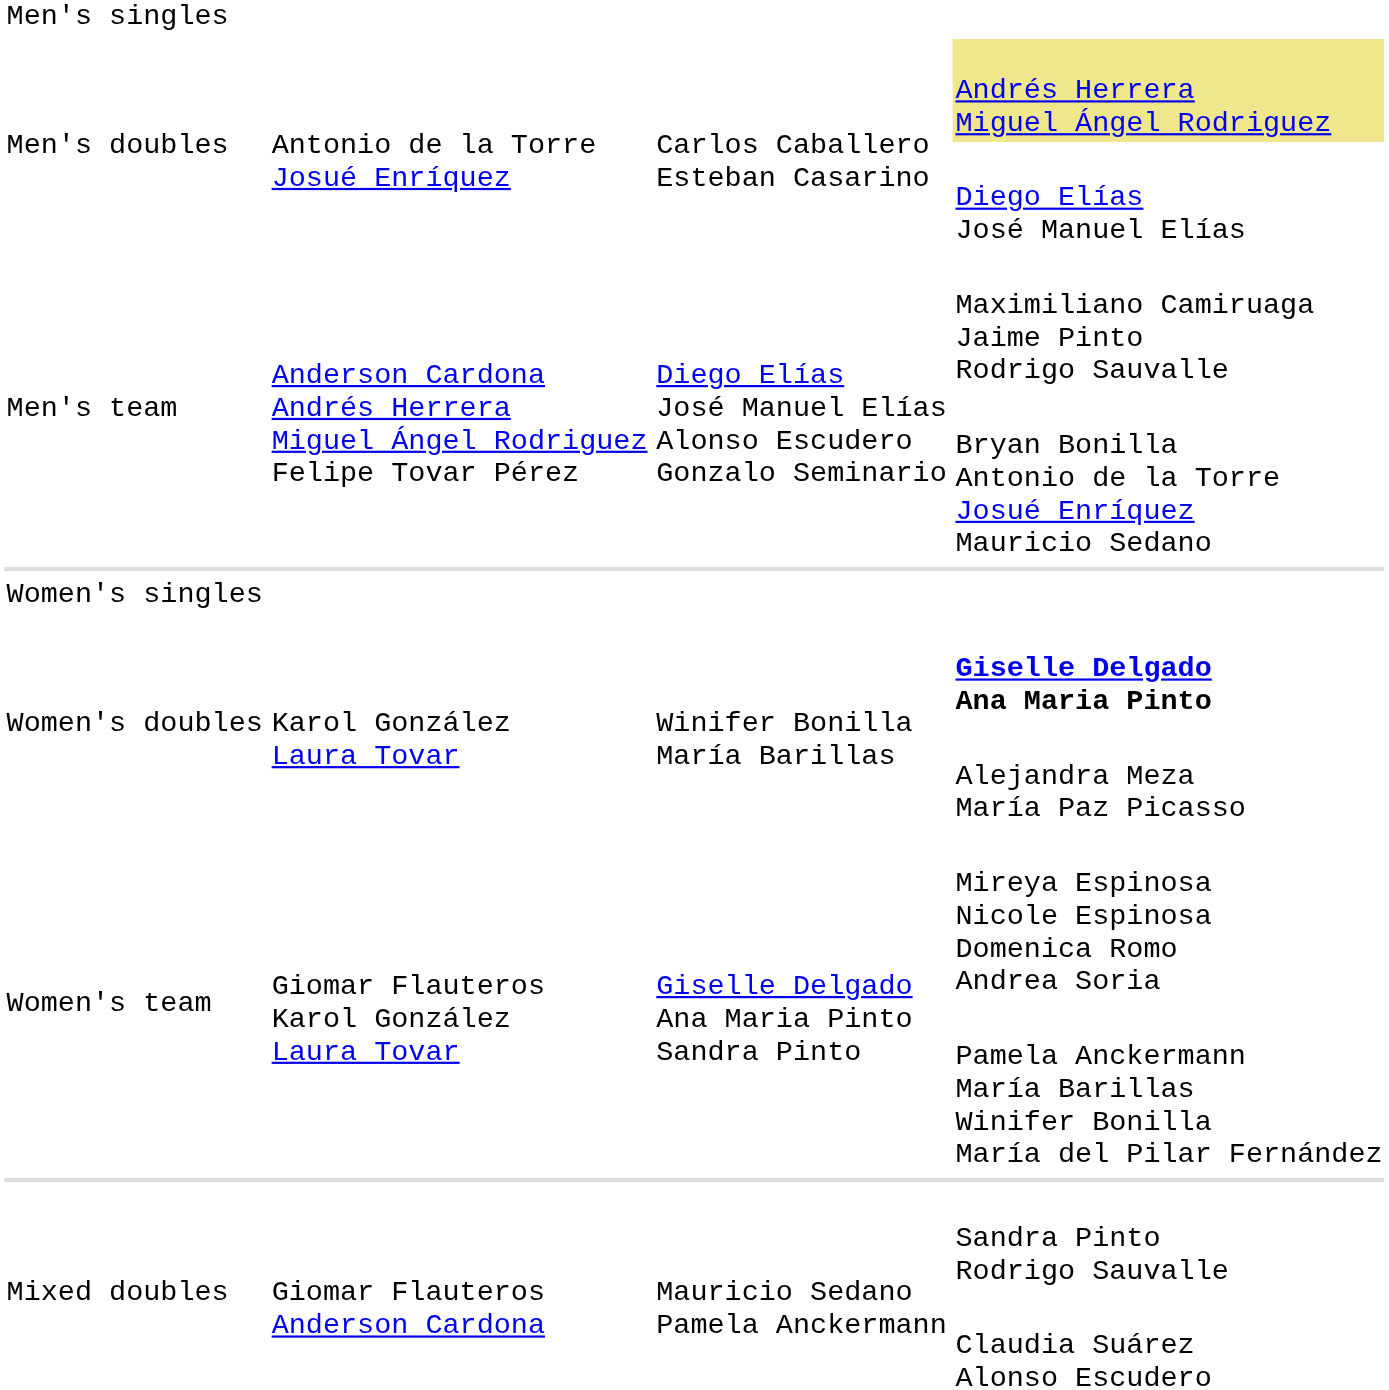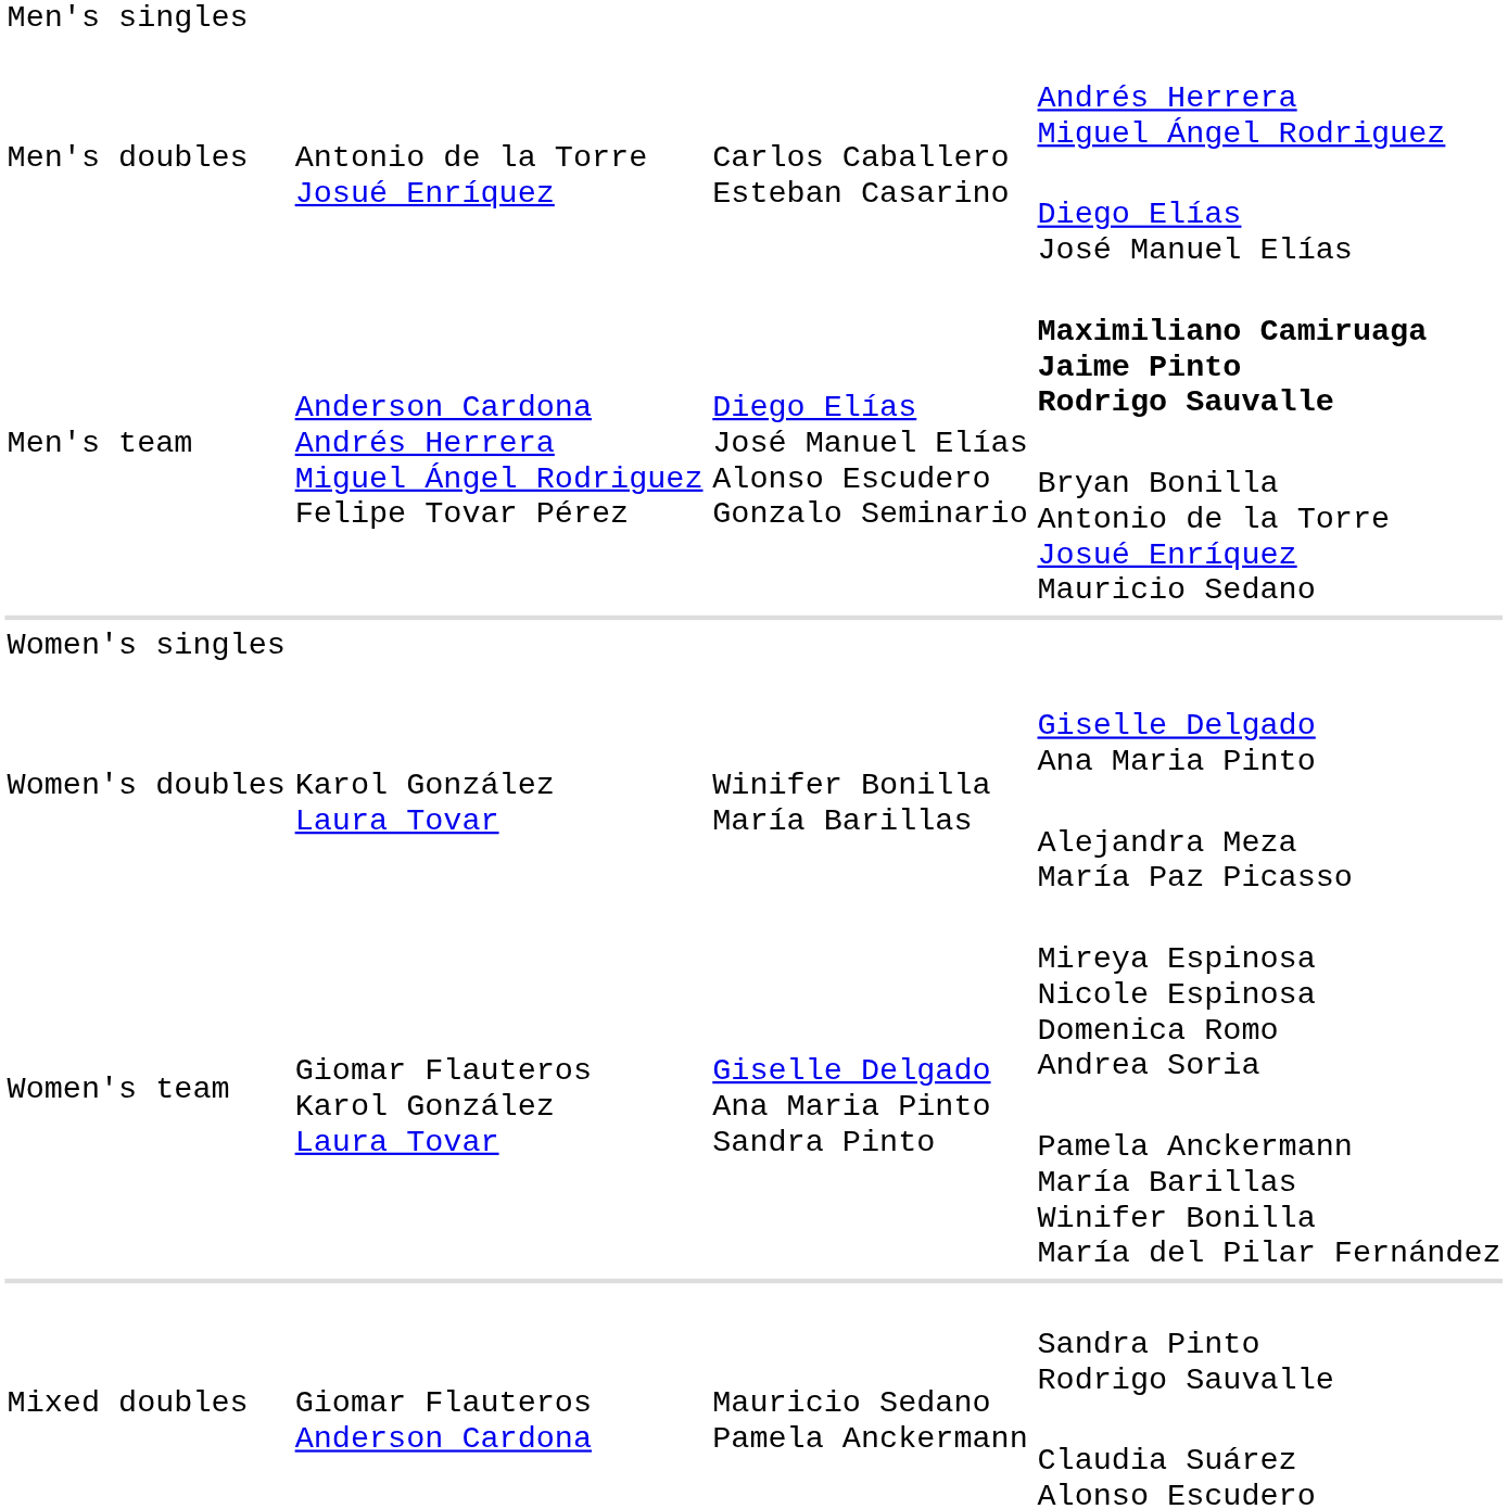 <table>
 <tr>
 <td rowspan=2>Men's singles</td>
 <td rowspan=2></td>
 <td rowspan=2></td>
 <td></td>
 </tr>
 <tr>
 <td></td>
 </tr>
 <tr>
 <td rowspan=2>Men's doubles</td>
 <td rowspan=2><br>Antonio de la Torre<br><a href='#'>Josué Enríquez</a></td>
 <td rowspan=2><br>Carlos Caballero<br>Esteban Casarino</td>
-<td style="background: khaki;"><br><a href='#'>Andrés Herrera</a><br><a href='#'>Miguel Ángel Rodriguez</a></td>
+<td><br><a href='#'>Andrés Herrera</a><br><a href='#'>Miguel Ángel Rodriguez</a></td>
 </tr>
 <tr>
 <td><br><a href='#'>Diego Elías</a><br>José Manuel Elías</td>
 </tr>
 <tr>
 <td rowspan=2>Men's team</td>
 <td rowspan=2><br><a href='#'>Anderson Cardona</a><br><a href='#'>Andrés Herrera</a><br><a href='#'>Miguel Ángel Rodriguez</a><br>Felipe Tovar Pérez</td>
 <td rowspan=2><br><a href='#'>Diego Elías</a><br>José Manuel Elías<br>Alonso Escudero<br>Gonzalo Seminario</td>
-<td><br>Maximiliano Camiruaga<br>Jaime Pinto<br>Rodrigo Sauvalle</td>
+<td><strong><br>Maximiliano Camiruaga<br>Jaime Pinto<br>Rodrigo Sauvalle</strong></td>
 </tr>
 <tr>
 <td><br>Bryan Bonilla<br>Antonio de la Torre<br><a href='#'>Josué Enríquez</a><br>Mauricio Sedano</td>
 </tr>
 <tr bgcolor=#DDDDDD>
 <td colspan=7></td>
 </tr>
 <tr>
 <td rowspan=2>Women's singles</td>
 <td rowspan=2></td>
 <td rowspan=2></td>
 <td></td>
 </tr>
 <tr>
 <td></td>
 </tr>
 <tr>
 <td rowspan=2>Women's doubles</td>
 <td rowspan=2><br>Karol González<br><a href='#'>Laura Tovar</a></td>
 <td rowspan=2><br>Winifer Bonilla<br>María Barillas</td>
-<td><strong><br><a href='#'>Giselle Delgado</a><br>Ana Maria Pinto</strong></td>
+<td><br><a href='#'>Giselle Delgado</a><br>Ana Maria Pinto</td>
 </tr>
 <tr>
 <td><br>Alejandra Meza<br>María Paz Picasso</td>
 </tr>
 <tr>
 <td rowspan=2>Women's team</td>
 <td rowspan=2><br>Giomar Flauteros<br>Karol González<br><a href='#'>Laura Tovar</a></td>
 <td rowspan=2><br><a href='#'>Giselle Delgado</a><br>Ana Maria Pinto<br>Sandra Pinto</td>
 <td><br>Mireya Espinosa<br>Nicole Espinosa<br>Domenica Romo<br>Andrea Soria</td>
 </tr>
 <tr>
 <td><br>Pamela Anckermann<br>María Barillas<br>Winifer Bonilla<br>María del Pilar Fernández</td>
 </tr>
 <tr bgcolor=#DDDDDD>
 <td colspan=7></td>
 </tr>
 <tr>
 <td rowspan=2>Mixed doubles</td>
 <td rowspan=2><br>Giomar Flauteros<br><a href='#'>Anderson Cardona</a></td>
 <td rowspan=2><br>Mauricio Sedano<br>Pamela Anckermann</td>
 <td><br>Sandra Pinto<br>Rodrigo Sauvalle</td>
 </tr>
 <tr>
 <td><br>Claudia Suárez<br>Alonso Escudero</td>
 </tr>
 </table>
